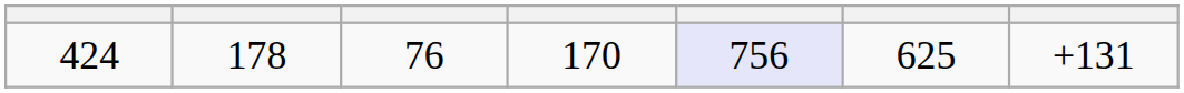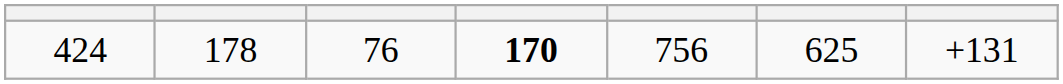 <table class="wikitable" style="text-align:center">
 <tr>
 <th width=60></th>
 <th width=60></th>
 <th width=60></th>
 <th width=60></th>
 <th width=60></th>
 <th width=60></th>
 <th width=60></th>
 </tr>
 <tr>
 <td>424</td>
 <td>178</td>
 <td>76</td>
-<td>170</td>
-<td style="background: lavender;">756</td>
+<td><strong>170</strong></td>
+<td>756</td>
 <td>625</td>
 <td>+131</td>
 </tr>
 </table>
